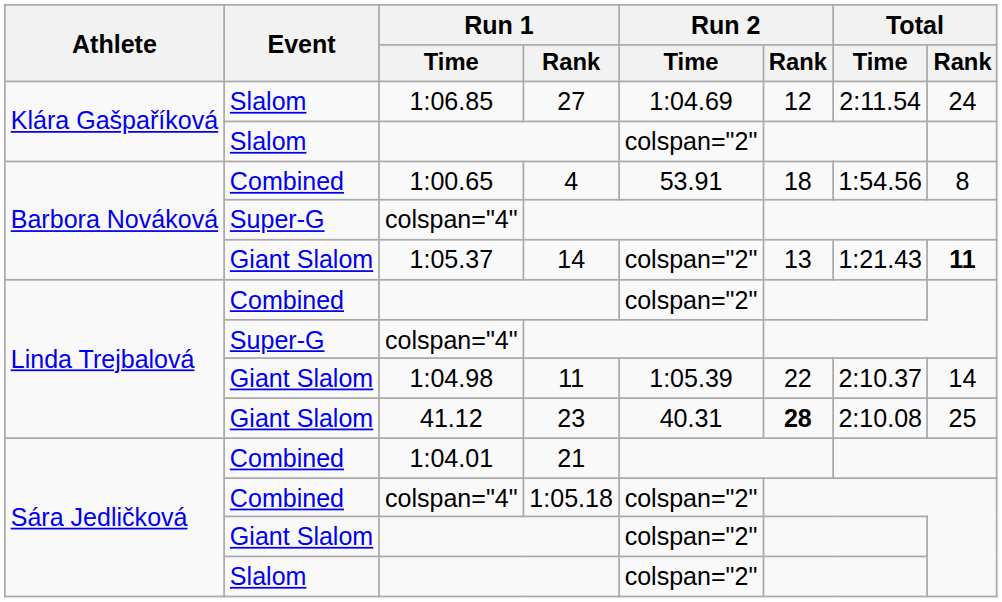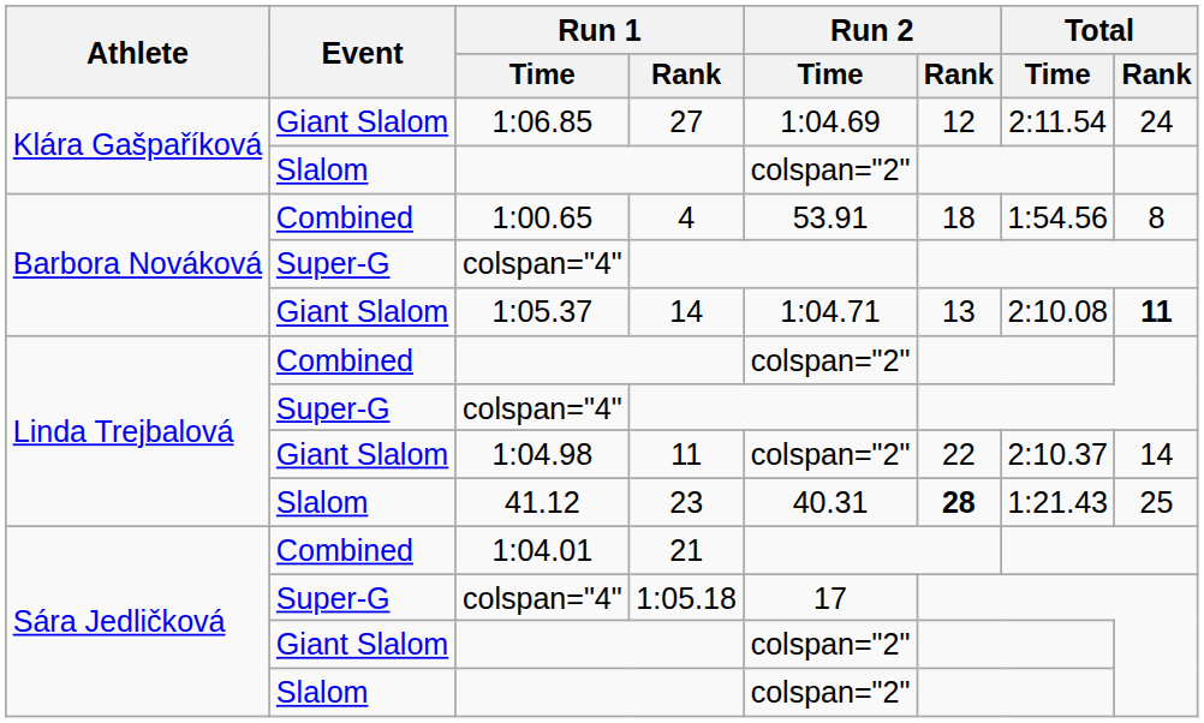 <table class="wikitable" style="font-size:90%">
 <tr>
 <th rowspan=2>Athlete</th>
 <th rowspan=2>Event</th>
 <th colspan=2>Run 1</th>
 <th colspan=2>Run 2</th>
 <th colspan=2>Total</th>
 </tr>
 <tr style="font-size:95%">
 <th>Time</th>
 <th>Rank</th>
 <th>Time</th>
 <th>Rank</th>
 <th>Time</th>
 <th>Rank</th>
 </tr>
 <tr align="center">
 <td rowspan="2"><a href='#'>Klára Gašpaříková</a></td>
-<td align="left"><a href='#'>Slalom</a></td>
+<td align="left"><a href='#'>Giant Slalom</a></td>
 <td>1:06.85</td>
 <td>27</td>
 <td>1:04.69</td>
 <td>12</td>
 <td>2:11.54</td>
 <td>24</td>
 </tr>
 <tr align=center>
 <td align="left"><a href='#'>Slalom</a></td>
 <td colspan="2"></td>
 <td>colspan="2" </td>
 <td colspan="2"></td>
 </tr>
 <tr align=center>
 <td rowspan="3" align="left"><a href='#'>Barbora Nováková</a></td>
 <td align="left"><a href='#'>Combined</a></td>
 <td>1:00.65</td>
 <td>4</td>
 <td>53.91</td>
 <td>18</td>
 <td>1:54.56</td>
 <td>8</td>
 </tr>
 <tr align=center>
 <td align="left"><a href='#'>Super-G</a></td>
 <td>colspan="4"</td>
 <td colspan="2"></td>
 </tr>
 <tr align=center>
 <td align="left"><a href='#'>Giant Slalom</a></td>
 <td>1:05.37</td>
 <td>14</td>
-<td>colspan="2" </td>
+<td>1:04.71</td>
 <td>13</td>
-<td>1:21.43</td>
+<td>2:10.08</td>
 <td><strong>11</strong></td>
 </tr>
 <tr align=center>
 <td rowspan="4" align="left"><a href='#'>Linda Trejbalová</a></td>
 <td align="left"><a href='#'>Combined</a></td>
 <td colspan="2"></td>
 <td>colspan="2" </td>
 <td colspan="2"></td>
 </tr>
 <tr align=center>
 <td align="left"><a href='#'>Super-G</a></td>
 <td>colspan="4"</td>
 <td colspan="2"></td>
 </tr>
 <tr align=center>
 <td align="left"><a href='#'>Giant Slalom</a></td>
 <td>1:04.98</td>
 <td>11</td>
-<td>1:05.39</td>
+<td>colspan="2" </td>
 <td>22</td>
 <td>2:10.37</td>
 <td>14</td>
 </tr>
 <tr align=center>
-<td align="left"><a href='#'>Giant Slalom</a></td>
+<td align="left"><a href='#'>Slalom</a></td>
 <td>41.12</td>
 <td>23</td>
 <td>40.31</td>
 <td><strong>28</strong></td>
-<td>2:10.08</td>
+<td>1:21.43</td>
 <td>25</td>
 </tr>
 <tr align=center>
 <td rowspan="4" align="left"><a href='#'>Sára Jedličková</a></td>
 <td align="left"><a href='#'>Combined</a></td>
 <td>1:04.01</td>
 <td>21</td>
 <td colspan="2"></td>
 <td colspan="2"></td>
 </tr>
 <tr align=center>
-<td align="left"><a href='#'>Combined</a></td>
+<td align="left"><a href='#'>Super-G</a></td>
 <td>colspan="4"</td>
 <td>1:05.18</td>
-<td>colspan="2" </td>
+<td>17</td>
 </tr>
 <tr align=center>
 <td align="left"><a href='#'>Giant Slalom</a></td>
 <td colspan="2"></td>
 <td>colspan="2" </td>
 <td colspan="2"></td>
 </tr>
 <tr align=center>
 <td align="left"><a href='#'>Slalom</a></td>
 <td colspan="2"></td>
 <td>colspan="2" </td>
 <td colspan="2"></td>
 </tr>
 </table>
